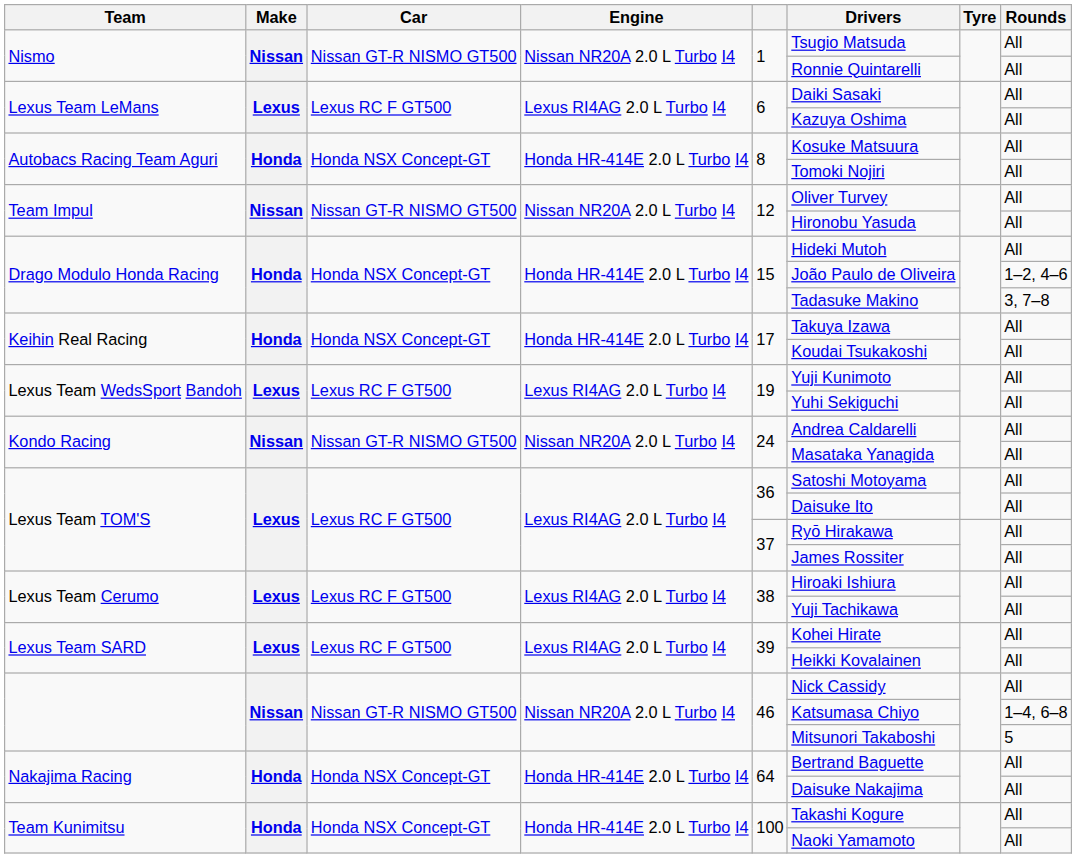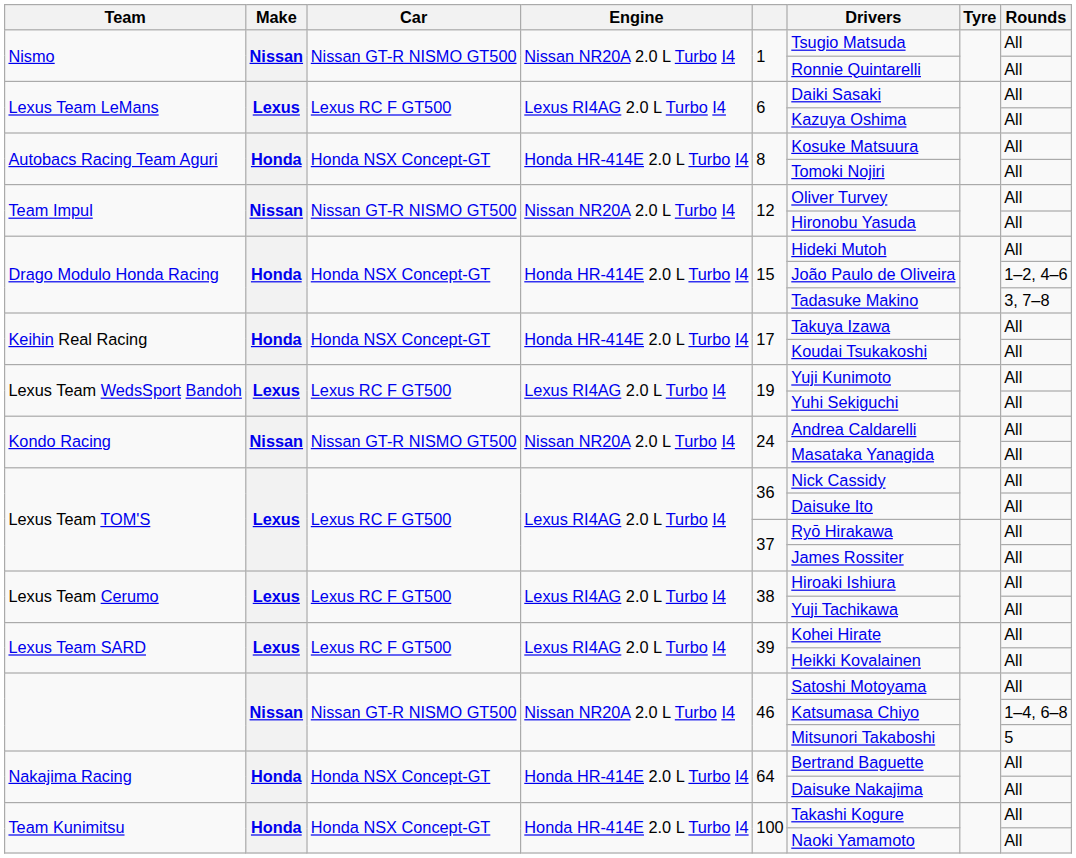 <table class="wikitable" style="font-size: 85%;">
 <tr>
 <th>Team</th>
 <th>Make</th>
 <th>Car</th>
 <th>Engine</th>
 <th></th>
 <th>Drivers</th>
 <th>Tyre</th>
 <th>Rounds</th>
 </tr>
 <tr>
 <td rowspan=2> <a href='#'>Nismo</a></td>
 <th rowspan=2><a href='#'>Nissan</a></th>
 <td rowspan=2><a href='#'>Nissan GT-R NISMO GT500</a></td>
 <td rowspan=2><a href='#'>Nissan NR20A</a> 2.0 L <a href='#'>Turbo</a> <a href='#'>I4</a></td>
 <td rowspan=2>1</td>
 <td> <a href='#'>Tsugio Matsuda</a></td>
 <td rowspan=2 align=center></td>
 <td>All</td>
 </tr>
 <tr>
 <td> <a href='#'>Ronnie Quintarelli</a></td>
 <td>All</td>
 </tr>
 <tr>
 <td rowspan=2> <a href='#'>Lexus Team LeMans</a> </td>
 <th rowspan=2><a href='#'>Lexus</a></th>
 <td rowspan=2><a href='#'>Lexus RC F GT500</a></td>
 <td rowspan=2><a href='#'>Lexus RI4AG</a> 2.0 L <a href='#'>Turbo</a> <a href='#'>I4</a></td>
 <td rowspan=2>6</td>
 <td> <a href='#'>Daiki Sasaki</a></td>
 <td rowspan=2 align=center></td>
 <td>All</td>
 </tr>
 <tr>
 <td> <a href='#'>Kazuya Oshima</a></td>
 <td>All</td>
 </tr>
 <tr>
 <td rowspan=2> <a href='#'>Autobacs Racing Team Aguri</a></td>
 <th rowspan=2><a href='#'>Honda</a></th>
 <td rowspan=2><a href='#'>Honda NSX Concept-GT</a></td>
 <td rowspan=2><a href='#'>Honda HR-414E</a> 2.0 L <a href='#'>Turbo</a> <a href='#'>I4</a></td>
 <td rowspan=2>8</td>
 <td> <a href='#'>Kosuke Matsuura</a></td>
 <td rowspan=2 align=center></td>
 <td>All</td>
 </tr>
 <tr>
 <td> <a href='#'>Tomoki Nojiri</a></td>
 <td>All</td>
 </tr>
 <tr>
 <td rowspan=2> <a href='#'>Team Impul</a></td>
 <th rowspan=2><a href='#'>Nissan</a></th>
 <td rowspan=2><a href='#'>Nissan GT-R NISMO GT500</a></td>
 <td rowspan=2><a href='#'>Nissan NR20A</a> 2.0 L <a href='#'>Turbo</a> <a href='#'>I4</a></td>
 <td rowspan=2>12</td>
 <td> <a href='#'>Oliver Turvey</a></td>
 <td rowspan=2 align=center></td>
 <td>All</td>
 </tr>
 <tr>
 <td> <a href='#'>Hironobu Yasuda</a></td>
 <td>All</td>
 </tr>
 <tr>
 <td rowspan=3> <a href='#'>Drago Modulo Honda Racing</a></td>
 <th rowspan=3><a href='#'>Honda</a></th>
 <td rowspan=3><a href='#'>Honda NSX Concept-GT</a></td>
 <td rowspan=3><a href='#'>Honda HR-414E</a> 2.0 L <a href='#'>Turbo</a> <a href='#'>I4</a></td>
 <td rowspan=3>15</td>
 <td> <a href='#'>Hideki Mutoh</a></td>
 <td rowspan=3 align=center></td>
 <td>All</td>
 </tr>
 <tr>
 <td> <a href='#'>João Paulo de Oliveira</a></td>
 <td>1–2, 4–6</td>
 </tr>
 <tr>
 <td> <a href='#'>Tadasuke Makino</a></td>
 <td>3, 7–8</td>
 </tr>
 <tr>
 <td rowspan=2> <a href='#'>Keihin</a> Real Racing</td>
 <th rowspan=2><a href='#'>Honda</a></th>
 <td rowspan=2><a href='#'>Honda NSX Concept-GT</a></td>
 <td rowspan=2><a href='#'>Honda HR-414E</a> 2.0 L <a href='#'>Turbo</a> <a href='#'>I4</a></td>
 <td rowspan=2>17</td>
 <td> <a href='#'>Takuya Izawa</a></td>
 <td rowspan=2 align=center></td>
 <td>All</td>
 </tr>
 <tr>
 <td> <a href='#'>Koudai Tsukakoshi</a></td>
 <td>All</td>
 </tr>
 <tr>
 <td rowspan=2> Lexus Team <a href='#'>WedsSport</a> <a href='#'>Bandoh</a></td>
 <th rowspan=2><a href='#'>Lexus</a></th>
 <td rowspan=2><a href='#'>Lexus RC F GT500</a></td>
 <td rowspan=2><a href='#'>Lexus RI4AG</a> 2.0 L <a href='#'>Turbo</a> <a href='#'>I4</a></td>
 <td rowspan=2>19</td>
 <td> <a href='#'>Yuji Kunimoto</a></td>
 <td rowspan=2 align=center></td>
 <td>All</td>
 </tr>
 <tr>
 <td> <a href='#'>Yuhi Sekiguchi</a></td>
 <td>All</td>
 </tr>
 <tr>
 <td rowspan=2> <a href='#'>Kondo Racing</a></td>
 <th rowspan=2><a href='#'>Nissan</a></th>
 <td rowspan=2><a href='#'>Nissan GT-R NISMO GT500</a></td>
 <td rowspan=2><a href='#'>Nissan NR20A</a> 2.0 L <a href='#'>Turbo</a> <a href='#'>I4</a></td>
 <td rowspan=2>24</td>
 <td> <a href='#'>Andrea Caldarelli</a></td>
 <td rowspan=2 align=center></td>
 <td>All</td>
 </tr>
 <tr>
 <td> <a href='#'>Masataka Yanagida</a></td>
 <td>All</td>
 </tr>
 <tr>
 <td rowspan=4> Lexus Team <a href='#'>TOM'S</a></td>
 <th rowspan=4><a href='#'>Lexus</a></th>
 <td rowspan=4><a href='#'>Lexus RC F GT500</a></td>
 <td rowspan=4><a href='#'>Lexus RI4AG</a> 2.0 L <a href='#'>Turbo</a> <a href='#'>I4</a></td>
 <td rowspan=2>36</td>
-<td> <a href='#'>Satoshi Motoyama</a></td>
+<td> <a href='#'>Nick Cassidy</a></td>
 <td rowspan=2 align=center></td>
 <td>All</td>
 </tr>
 <tr>
 <td> <a href='#'>Daisuke Ito</a></td>
 <td>All</td>
 </tr>
 <tr>
 <td rowspan=2>37</td>
 <td> <a href='#'>Ryō Hirakawa</a></td>
 <td rowspan=2 align=center></td>
 <td>All</td>
 </tr>
 <tr>
 <td> <a href='#'>James Rossiter</a></td>
 <td>All</td>
 </tr>
 <tr>
 <td rowspan=2> Lexus Team  <a href='#'>Cerumo</a></td>
 <th rowspan=2><a href='#'>Lexus</a></th>
 <td rowspan=2><a href='#'>Lexus RC F GT500</a></td>
 <td rowspan=2><a href='#'>Lexus RI4AG</a> 2.0 L <a href='#'>Turbo</a> <a href='#'>I4</a></td>
 <td rowspan=2>38</td>
 <td> <a href='#'>Hiroaki Ishiura</a></td>
 <td rowspan=2 align=center></td>
 <td>All</td>
 </tr>
 <tr>
 <td> <a href='#'>Yuji Tachikawa</a></td>
 <td>All</td>
 </tr>
 <tr>
 <td rowspan=2> <a href='#'>Lexus Team SARD</a></td>
 <th rowspan=2><a href='#'>Lexus</a></th>
 <td rowspan=2><a href='#'>Lexus RC F GT500</a></td>
 <td rowspan=2><a href='#'>Lexus RI4AG</a> 2.0 L <a href='#'>Turbo</a> <a href='#'>I4</a></td>
 <td rowspan=2>39</td>
 <td> <a href='#'>Kohei Hirate</a></td>
 <td rowspan=2 align=center></td>
 <td>All</td>
 </tr>
 <tr>
 <td> <a href='#'>Heikki Kovalainen</a></td>
 <td>All</td>
 </tr>
 <tr>
 <td rowspan=3> </td>
 <th rowspan=3><a href='#'>Nissan</a></th>
 <td rowspan=3><a href='#'>Nissan GT-R NISMO GT500</a></td>
 <td rowspan=3><a href='#'>Nissan NR20A</a> 2.0 L <a href='#'>Turbo</a> <a href='#'>I4</a></td>
 <td rowspan=3>46</td>
-<td> <a href='#'>Nick Cassidy</a></td>
+<td> <a href='#'>Satoshi Motoyama</a></td>
 <td rowspan=3 align=center></td>
 <td>All</td>
 </tr>
 <tr>
 <td> <a href='#'>Katsumasa Chiyo</a></td>
 <td>1–4, 6–8</td>
 </tr>
 <tr>
 <td> <a href='#'>Mitsunori Takaboshi</a></td>
 <td>5</td>
 </tr>
 <tr>
 <td rowspan=2> <a href='#'>Nakajima Racing</a></td>
 <th rowspan=2><a href='#'>Honda</a></th>
 <td rowspan=2><a href='#'>Honda NSX Concept-GT</a></td>
 <td rowspan=2><a href='#'>Honda HR-414E</a> 2.0 L <a href='#'>Turbo</a> <a href='#'>I4</a></td>
 <td rowspan=2>64</td>
 <td> <a href='#'>Bertrand Baguette</a></td>
 <td rowspan=2 align=center></td>
 <td>All</td>
 </tr>
 <tr>
 <td> <a href='#'>Daisuke Nakajima</a></td>
 <td>All</td>
 </tr>
 <tr>
 <td rowspan=2> <a href='#'>Team Kunimitsu</a></td>
 <th rowspan=2><a href='#'>Honda</a></th>
 <td rowspan=2><a href='#'>Honda NSX Concept-GT</a></td>
 <td rowspan=2><a href='#'>Honda HR-414E</a> 2.0 L <a href='#'>Turbo</a> <a href='#'>I4</a></td>
 <td rowspan=2>100</td>
 <td> <a href='#'>Takashi Kogure</a></td>
 <td rowspan=2 align=center></td>
 <td>All</td>
 </tr>
 <tr>
 <td> <a href='#'>Naoki Yamamoto</a></td>
 <td>All</td>
 </tr>
 </table>
